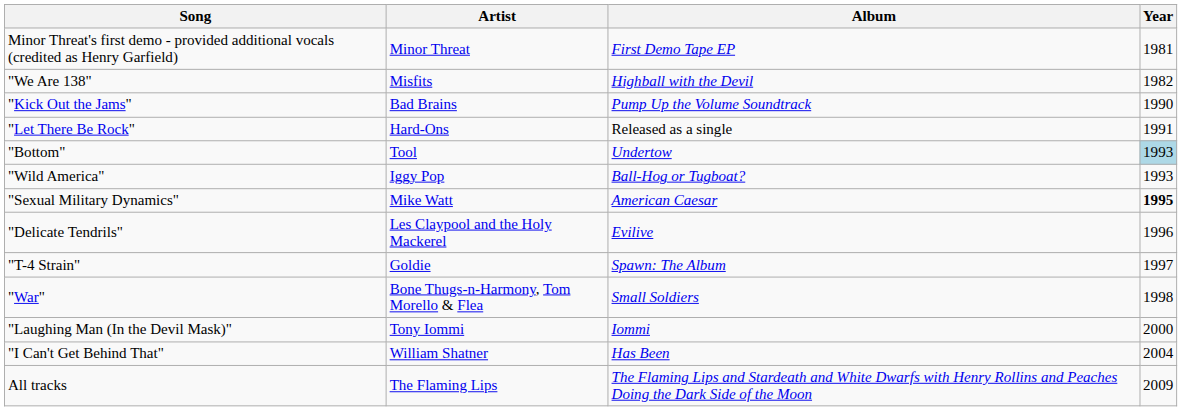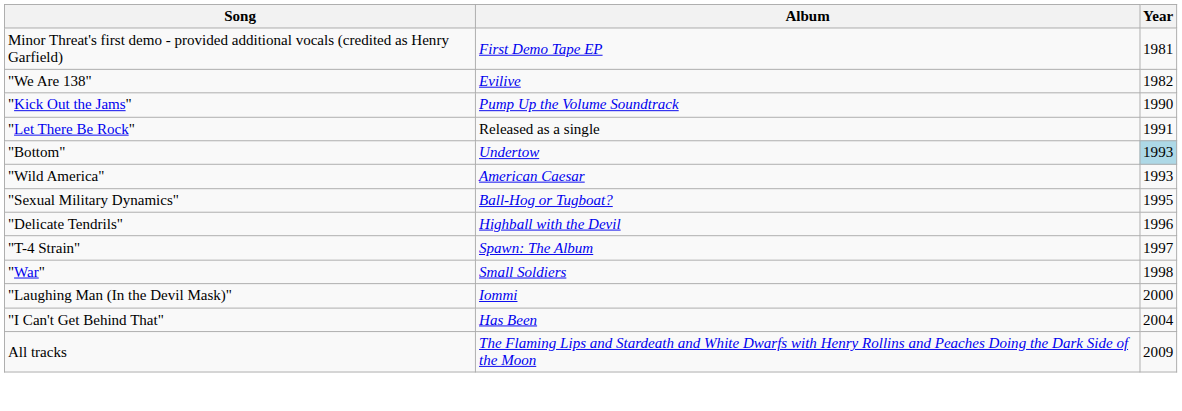 <table class="wikitable">
 <tr>
 <th>Song</th>
-<th>Artist</th>
 <th>Album</th>
 <th>Year</th>
 </tr>
 <tr>
 <td>Minor Threat's first demo - provided additional vocals (credited as Henry Garfield)</td>
-<td><a href='#'>Minor Threat</a></td>
 <td><em><a href='#'>First Demo Tape EP</a></em></td>
 <td>1981</td>
 </tr>
 <tr>
 <td>"We Are 138"</td>
-<td><a href='#'>Misfits</a></td>
-<td><em><a href='#'>Highball with the Devil</a></em></td>
+<td><em><a href='#'>Evilive</a></em></td>
 <td>1982</td>
 </tr>
 <tr>
 <td>"<a href='#'>Kick Out the Jams</a>"</td>
-<td><a href='#'>Bad Brains</a></td>
 <td><em><a href='#'>Pump Up the Volume Soundtrack</a></em></td>
 <td>1990</td>
 </tr>
 <tr>
 <td>"<a href='#'>Let There Be Rock</a>"</td>
-<td><a href='#'>Hard-Ons</a></td>
 <td>Released as a single</td>
 <td>1991</td>
 </tr>
 <tr>
 <td>"Bottom"</td>
-<td><a href='#'>Tool</a></td>
 <td><em><a href='#'>Undertow</a></em></td>
 <td style="background: lightblue;">1993</td>
 </tr>
 <tr>
 <td>"Wild America"</td>
-<td><a href='#'>Iggy Pop</a></td>
-<td><em><a href='#'>Ball-Hog or Tugboat?</a></em></td>
+<td><em><a href='#'>American Caesar</a></em></td>
 <td>1993</td>
 </tr>
 <tr>
 <td>"Sexual Military Dynamics"</td>
-<td><a href='#'>Mike Watt</a></td>
-<td><em><a href='#'>American Caesar</a></em></td>
-<td><strong>1995</strong></td>
+<td><em><a href='#'>Ball-Hog or Tugboat?</a></em></td>
+<td>1995</td>
 </tr>
 <tr>
 <td>"Delicate Tendrils"</td>
-<td><a href='#'>Les Claypool and the Holy Mackerel</a></td>
-<td><em><a href='#'>Evilive</a></em></td>
+<td><em><a href='#'>Highball with the Devil</a></em></td>
 <td>1996</td>
 </tr>
 <tr>
 <td>"T-4 Strain"</td>
-<td><a href='#'>Goldie</a></td>
 <td><em><a href='#'>Spawn: The Album</a></em></td>
 <td>1997</td>
 </tr>
 <tr>
 <td>"<a href='#'>War</a>"</td>
-<td><a href='#'>Bone Thugs-n-Harmony</a>, <a href='#'>Tom Morello</a> & <a href='#'>Flea</a></td>
 <td><em><a href='#'>Small Soldiers</a></em></td>
 <td>1998</td>
 </tr>
 <tr>
 <td>"Laughing Man (In the Devil Mask)"</td>
-<td><a href='#'>Tony Iommi</a></td>
 <td><em><a href='#'>Iommi</a></em></td>
 <td>2000</td>
 </tr>
 <tr>
 <td>"I Can't Get Behind That"</td>
-<td><a href='#'>William Shatner</a></td>
 <td><em><a href='#'>Has Been</a></em></td>
 <td>2004</td>
 </tr>
 <tr>
 <td>All tracks</td>
-<td><a href='#'>The Flaming Lips</a></td>
 <td><em><a href='#'>The  Flaming Lips and Stardeath and White Dwarfs with Henry Rollins and Peaches Doing the Dark Side of the Moon</a></em></td>
 <td>2009</td>
 </tr>
 </table>
